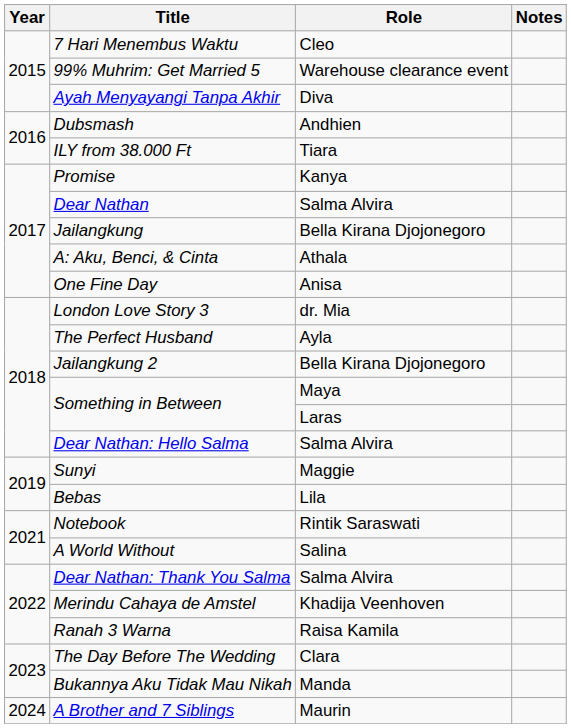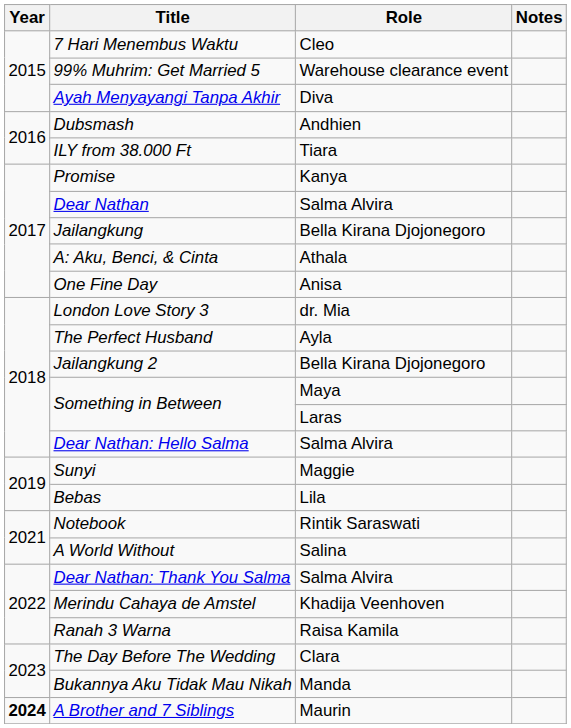 <table class="wikitable sortable">
 <tr>
 <th>Year</th>
 <th>Title</th>
 <th>Role</th>
 <th>Notes</th>
 </tr>
 <tr>
 <td rowspan="3">2015</td>
 <td><em>7 Hari Menembus Waktu</em></td>
 <td>Cleo</td>
 <td></td>
 </tr>
 <tr>
 <td><em>99% Muhrim: Get Married 5</em></td>
 <td>Warehouse clearance event</td>
 <td></td>
 </tr>
 <tr>
 <td><em><a href='#'>Ayah Menyayangi Tanpa Akhir</a></em></td>
 <td>Diva</td>
 <td></td>
 </tr>
 <tr>
 <td rowspan="2">2016</td>
 <td><em>Dubsmash</em></td>
 <td>Andhien</td>
 <td></td>
 </tr>
 <tr>
 <td><em>ILY from 38.000 Ft</em></td>
 <td>Tiara</td>
 <td></td>
 </tr>
 <tr>
 <td rowspan="5">2017</td>
 <td><em>Promise</em></td>
 <td>Kanya</td>
 <td></td>
 </tr>
 <tr>
 <td><em><a href='#'>Dear Nathan</a></em></td>
 <td>Salma Alvira</td>
 <td></td>
 </tr>
 <tr>
 <td><em>Jailangkung</em></td>
 <td>Bella Kirana Djojonegoro</td>
 <td></td>
 </tr>
 <tr>
 <td><em>A: Aku, Benci, & Cinta</em></td>
 <td>Athala</td>
 <td></td>
 </tr>
 <tr>
 <td><em>One Fine Day</em></td>
 <td>Anisa</td>
 <td></td>
 </tr>
 <tr>
 <td rowspan="6">2018</td>
 <td><em>London Love Story 3</em></td>
 <td>dr. Mia</td>
 <td></td>
 </tr>
 <tr>
 <td><em>The Perfect Husband</em></td>
 <td>Ayla</td>
 <td></td>
 </tr>
 <tr>
 <td><em>Jailangkung 2</em></td>
 <td>Bella Kirana Djojonegoro</td>
 <td></td>
 </tr>
 <tr>
 <td rowspan="2"><em>Something in Between</em></td>
 <td>Maya</td>
 <td></td>
 </tr>
 <tr>
 <td>Laras</td>
 <td></td>
 </tr>
 <tr>
 <td><em><a href='#'>Dear Nathan: Hello Salma</a></em></td>
 <td>Salma Alvira</td>
 <td></td>
 </tr>
 <tr>
 <td rowspan="2">2019</td>
 <td><em>Sunyi</em></td>
 <td>Maggie</td>
 <td></td>
 </tr>
 <tr>
 <td><em>Bebas</em></td>
 <td>Lila</td>
 <td></td>
 </tr>
 <tr>
 <td rowspan="2">2021</td>
 <td><em>Notebook</em></td>
 <td>Rintik Saraswati</td>
 <td></td>
 </tr>
 <tr>
 <td><em>A World Without</em></td>
 <td>Salina</td>
 <td></td>
 </tr>
 <tr>
 <td rowspan="3">2022</td>
 <td><em><a href='#'>Dear Nathan: Thank You Salma</a></em></td>
 <td>Salma Alvira</td>
 <td></td>
 </tr>
 <tr>
 <td><em>Merindu Cahaya de Amstel</em></td>
 <td>Khadija Veenhoven</td>
 <td></td>
 </tr>
 <tr>
 <td><em>Ranah 3 Warna</em></td>
 <td>Raisa Kamila</td>
 <td></td>
 </tr>
 <tr>
 <td rowspan="2">2023</td>
 <td><em>The Day Before The Wedding</em></td>
 <td>Clara</td>
 <td></td>
 </tr>
 <tr>
 <td><em>Bukannya Aku Tidak Mau Nikah</em></td>
 <td>Manda</td>
 <td></td>
 </tr>
 <tr>
-<td>2024</td>
+<td><strong>2024</strong></td>
 <td><em><a href='#'>A Brother and 7 Siblings</a></em></td>
 <td>Maurin</td>
 <td></td>
 </tr>
 </table>
